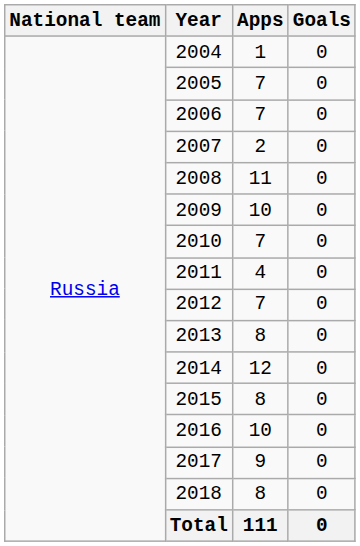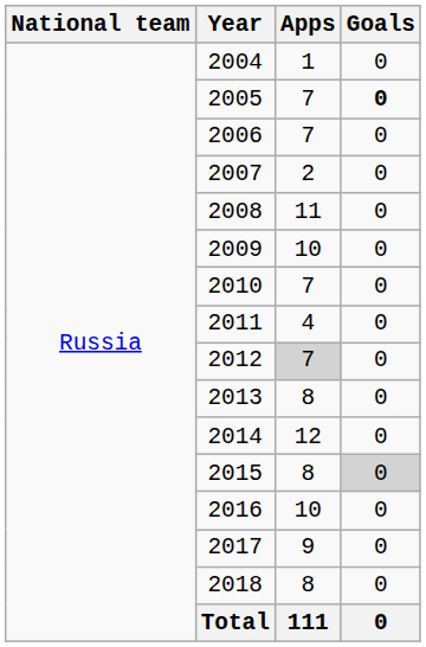 <table class="wikitable" style="text-align:center">
 <tr>
 <th>National team</th>
 <th>Year</th>
 <th>Apps</th>
 <th>Goals</th>
 </tr>
 <tr>
 <td rowspan="16"><a href='#'>Russia</a></td>
 <td>2004</td>
 <td>1</td>
 <td>0</td>
 </tr>
 <tr>
 <td>2005</td>
 <td>7</td>
-<td>0</td>
+<td><strong>0</strong></td>
 </tr>
 <tr>
 <td>2006</td>
 <td>7</td>
 <td>0</td>
 </tr>
 <tr>
 <td>2007</td>
 <td>2</td>
 <td>0</td>
 </tr>
 <tr>
 <td>2008</td>
 <td>11</td>
 <td>0</td>
 </tr>
 <tr>
 <td>2009</td>
 <td>10</td>
 <td>0</td>
 </tr>
 <tr>
 <td>2010</td>
 <td>7</td>
 <td>0</td>
 </tr>
 <tr>
 <td>2011</td>
 <td>4</td>
 <td>0</td>
 </tr>
 <tr>
 <td>2012</td>
-<td>7</td>
+<td style="background: lightgrey;">7</td>
 <td>0</td>
 </tr>
 <tr>
 <td>2013</td>
 <td>8</td>
 <td>0</td>
 </tr>
 <tr>
 <td>2014</td>
 <td>12</td>
 <td>0</td>
 </tr>
 <tr>
 <td>2015</td>
 <td>8</td>
-<td>0</td>
+<td style="background: lightgrey;">0</td>
 </tr>
 <tr>
 <td>2016</td>
 <td>10</td>
 <td>0</td>
 </tr>
 <tr>
 <td>2017</td>
 <td>9</td>
 <td>0</td>
 </tr>
 <tr>
 <td>2018</td>
 <td>8</td>
 <td>0</td>
 </tr>
 <tr>
 <th>Total</th>
 <th>111</th>
 <th>0</th>
 </tr>
 </table>
